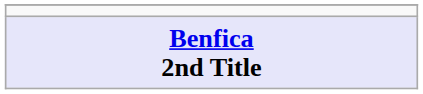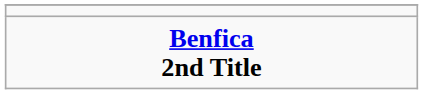 <table class="wikitable" style="text-align: center; margin: 0 auto; width: 20%">
 <tr CERS Cup >
 </tr>
 <tr>
 <td></td>
 </tr>
 <tr>
-<td style="background: lavender;"><strong><a href='#'>Benfica</a></strong><br><strong>2nd Title</strong></td>
+<td><strong><a href='#'>Benfica</a></strong><br><strong>2nd Title</strong></td>
 </tr>
 </table>
